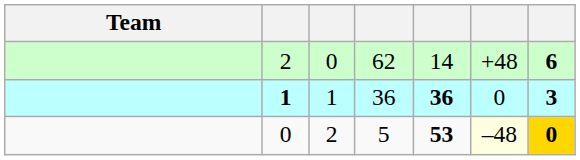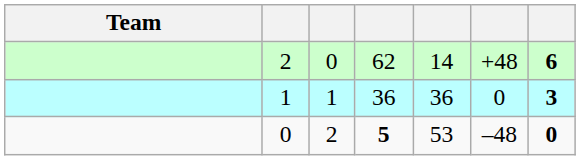 <table class="wikitable" style="text-align:center;">
 <tr>
 <th style="width:10.5em;">Team</th>
 <th style="width:1.5em;"></th>
 <th style="width:1.5em;"></th>
 <th style="width:2.0em;"></th>
 <th style="width:2.0em;"></th>
 <th style="width:2.0em;"></th>
 <th style="width:1.5em;"></th>
 </tr>
 <tr bgcolor=#cfc>
 <td align="left"></td>
 <td>2</td>
 <td>0</td>
 <td>62</td>
 <td>14</td>
 <td>+48</td>
 <td><strong>6</strong></td>
 </tr>
 <tr bgcolor=#bff>
 <td align="left"></td>
-<td><strong>1</strong></td>
+<td>1</td>
 <td>1</td>
 <td>36</td>
-<td><strong>36</strong></td>
+<td>36</td>
 <td>0</td>
 <td><strong>3</strong></td>
 </tr>
 <tr>
 <td align="left"></td>
 <td>0</td>
 <td>2</td>
-<td>5</td>
-<td><strong>53</strong></td>
-<td style="background: lightyellow;">–48</td>
-<td style="background: gold;"><strong>0</strong></td>
+<td><strong>5</strong></td>
+<td>53</td>
+<td>–48</td>
+<td><strong>0</strong></td>
 </tr>
 </table>
